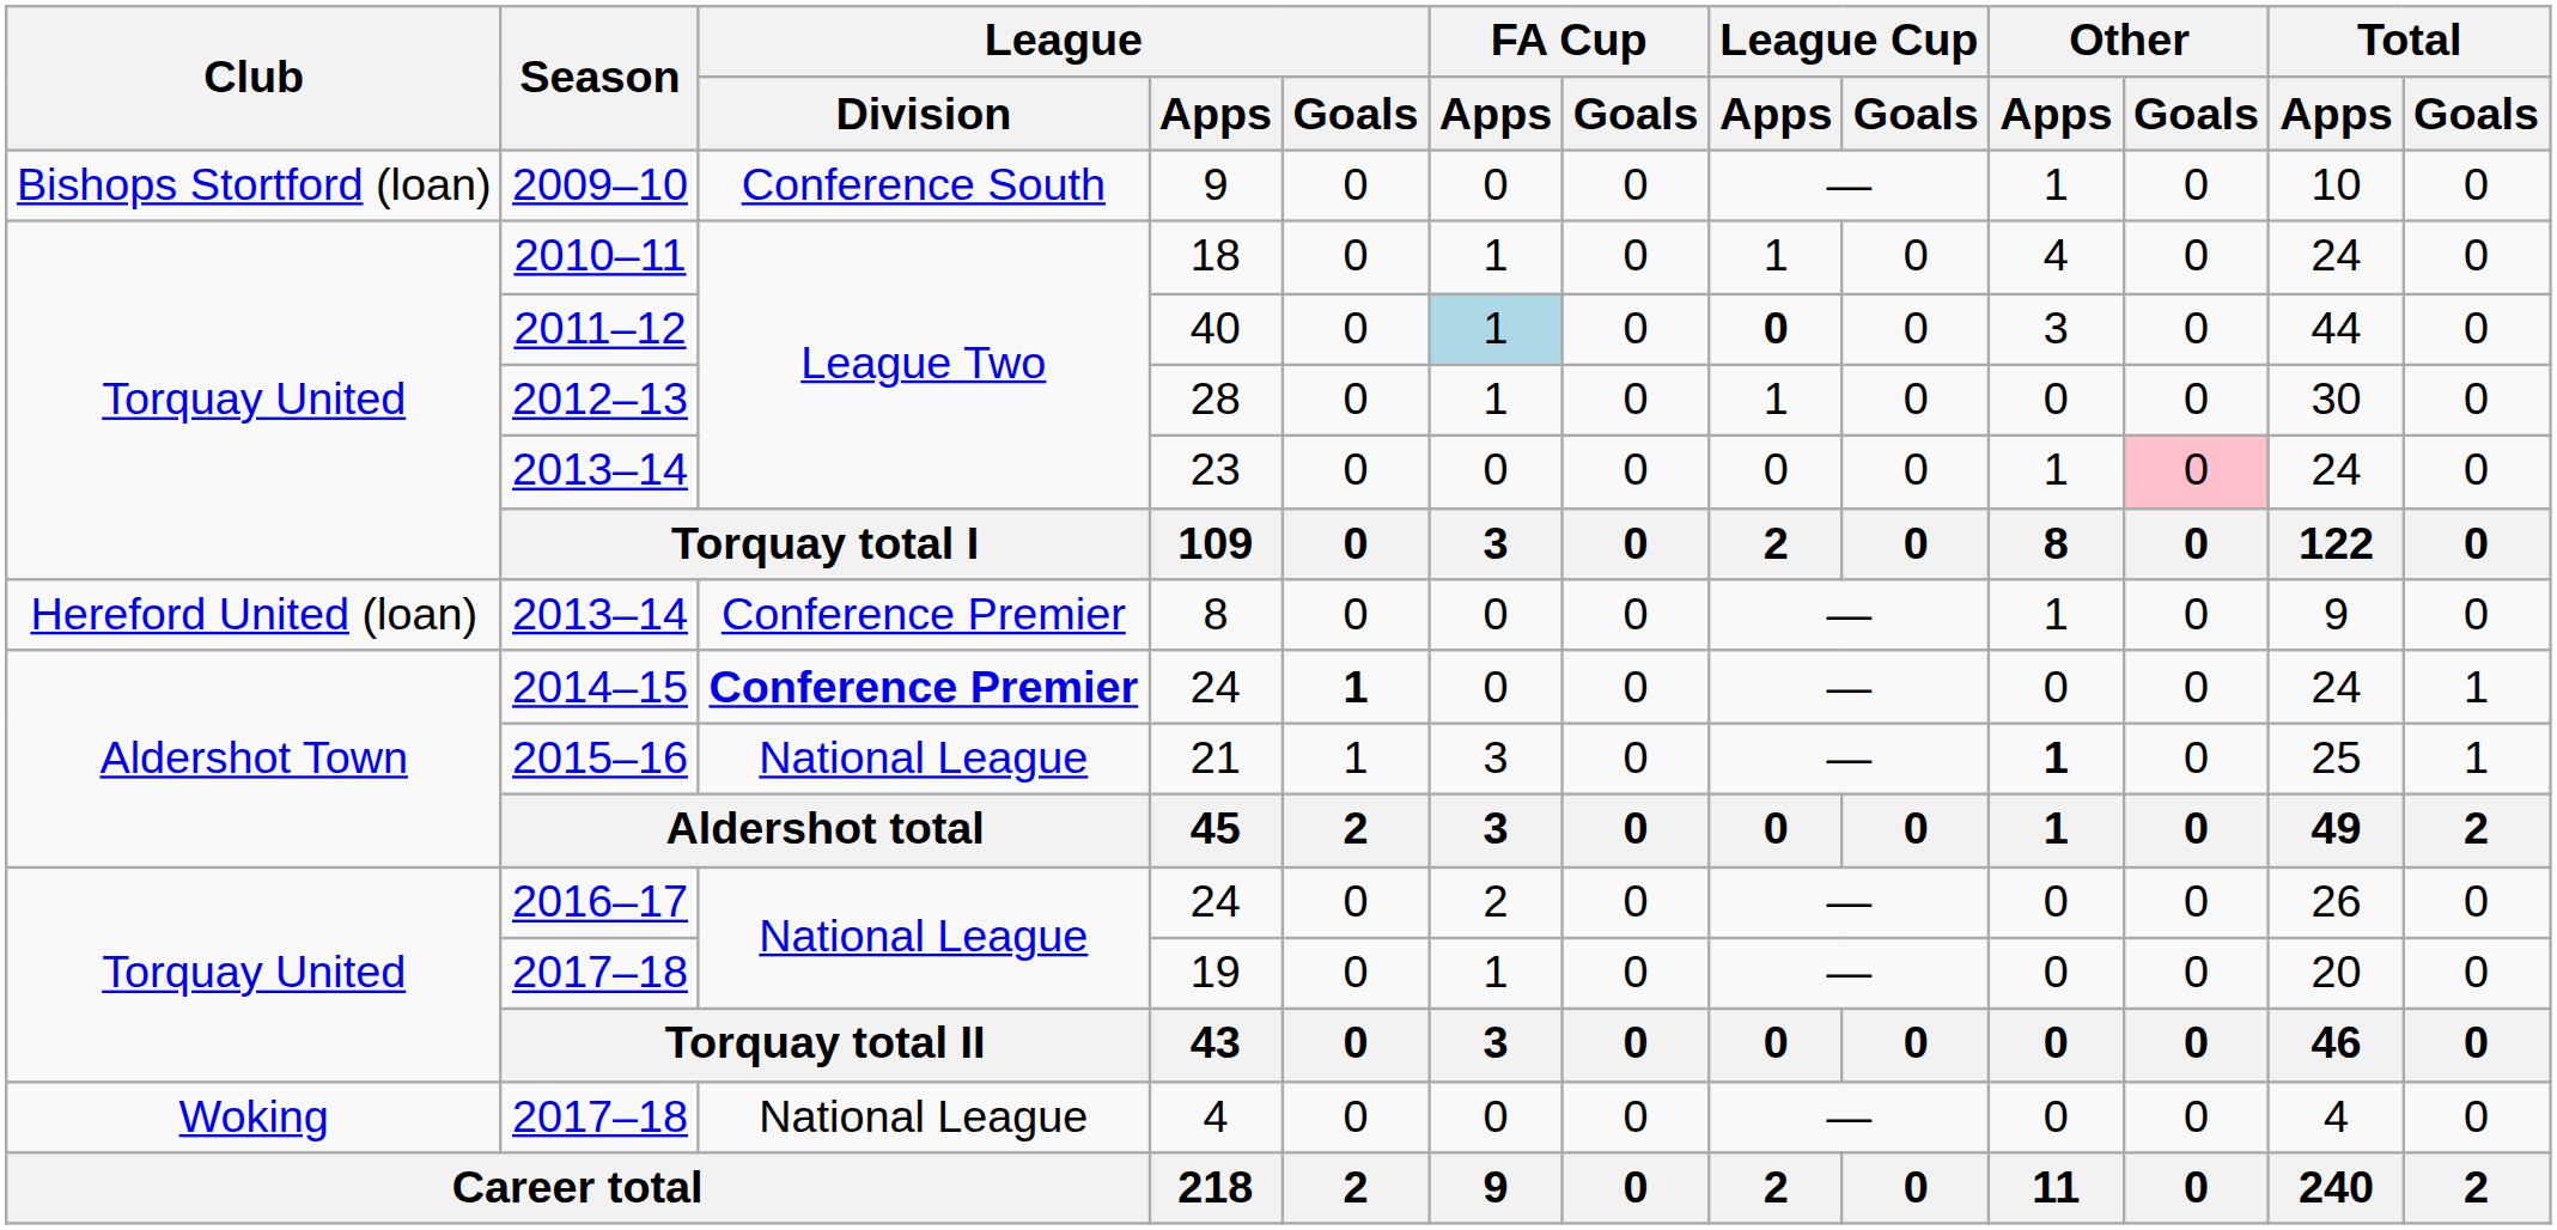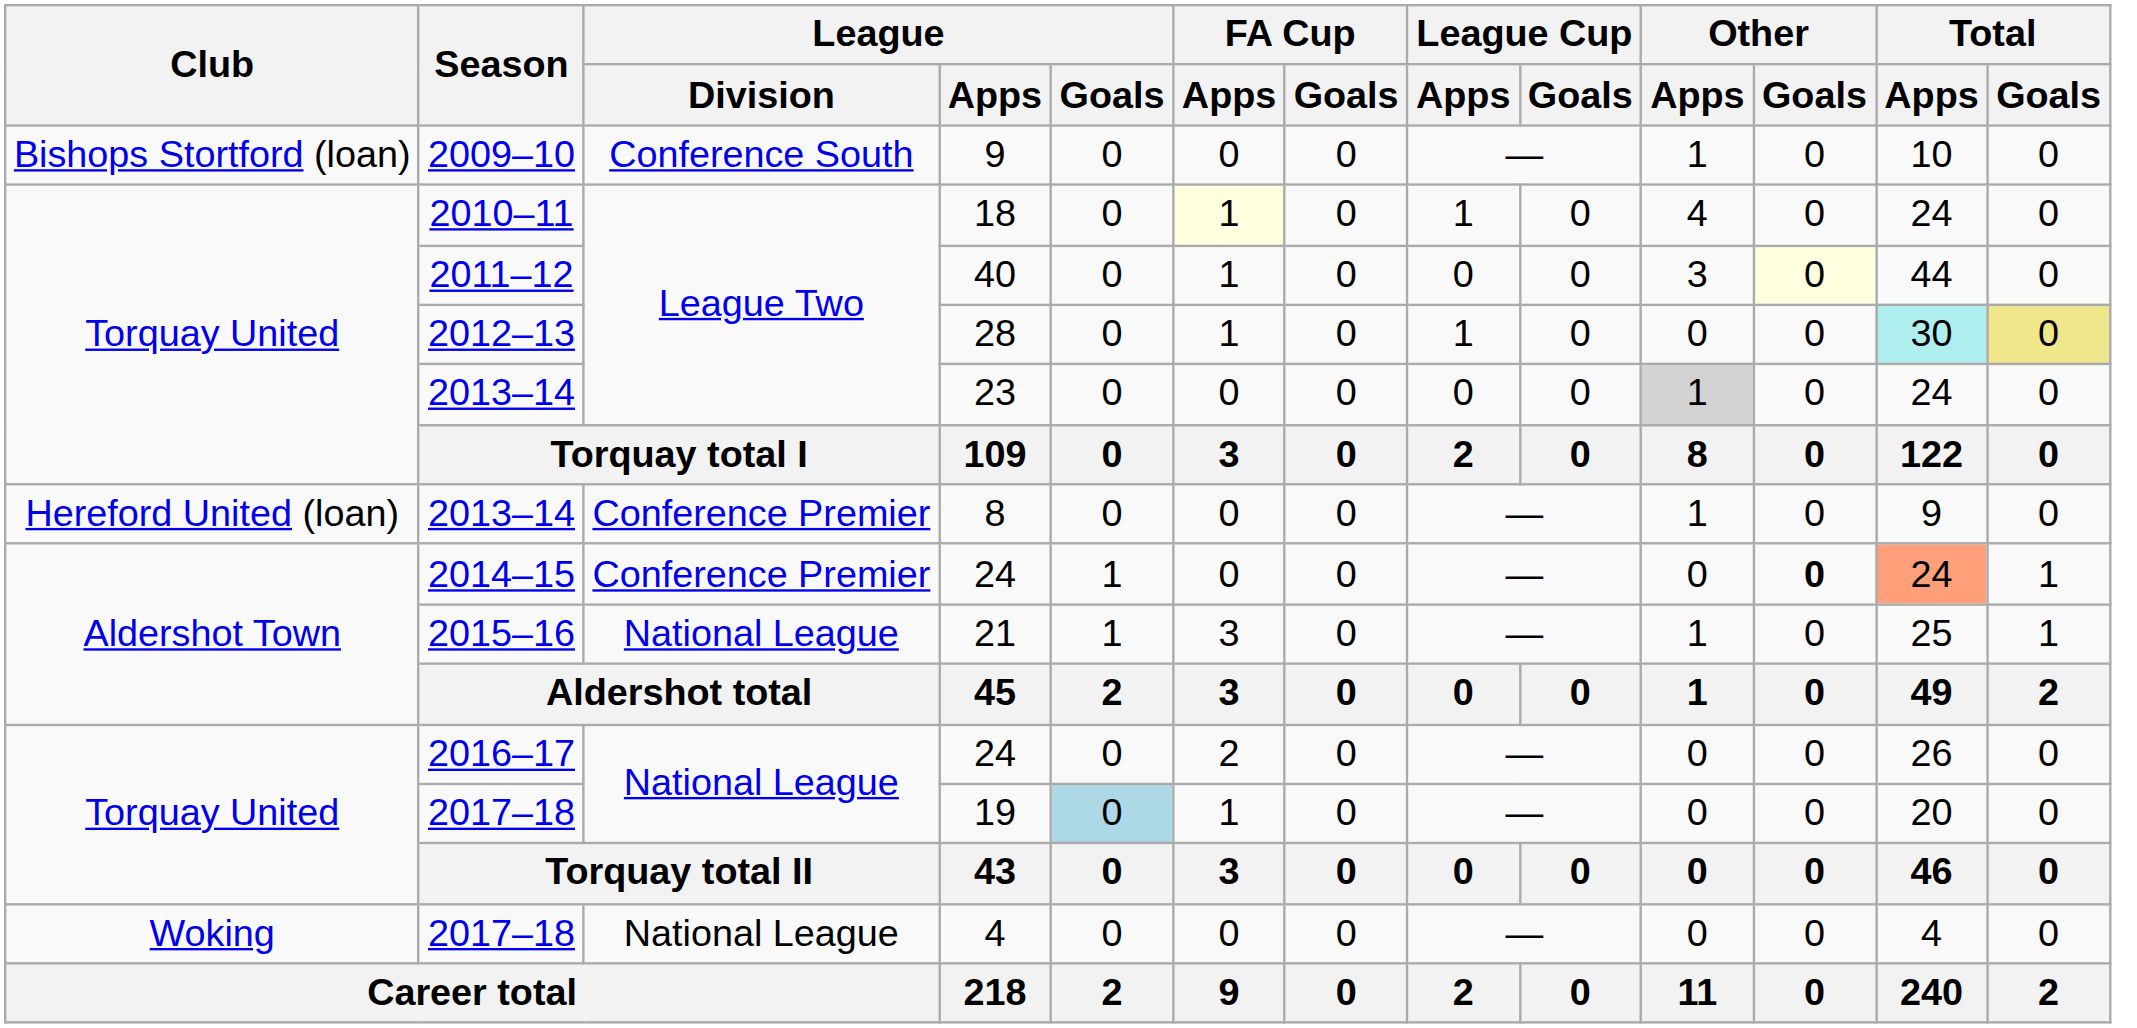 <table class="wikitable" style="text-align: center">
 <tr>
 <th rowspan="2">Club</th>
 <th rowspan="2">Season</th>
 <th colspan="3">League</th>
 <th colspan="2">FA Cup</th>
 <th colspan="2">League Cup</th>
 <th colspan="2">Other</th>
 <th colspan="2">Total</th>
 </tr>
 <tr>
 <th>Division</th>
 <th>Apps</th>
 <th>Goals</th>
 <th>Apps</th>
 <th>Goals</th>
 <th>Apps</th>
 <th>Goals</th>
 <th>Apps</th>
 <th>Goals</th>
 <th>Apps</th>
 <th>Goals</th>
 </tr>
 <tr>
 <td><a href='#'>Bishops Stortford</a> (loan)</td>
 <td><a href='#'>2009–10</a></td>
 <td><a href='#'>Conference South</a></td>
 <td>9</td>
 <td>0</td>
 <td>0</td>
 <td>0</td>
 <td colspan="2">—</td>
 <td>1</td>
 <td>0</td>
 <td>10</td>
 <td>0</td>
 </tr>
 <tr>
 <td rowspan="5"><a href='#'>Torquay United</a></td>
 <td><a href='#'>2010–11</a></td>
 <td rowspan="4"><a href='#'>League Two</a></td>
 <td>18</td>
 <td>0</td>
-<td>1</td>
+<td style="background: lightyellow;">1</td>
 <td>0</td>
 <td>1</td>
 <td>0</td>
 <td>4</td>
 <td>0</td>
 <td>24</td>
 <td>0</td>
 </tr>
 <tr>
 <td><a href='#'>2011–12</a></td>
 <td>40</td>
 <td>0</td>
-<td style="background: lightblue;">1</td>
+<td>1</td>
 <td>0</td>
-<td><strong>0</strong></td>
+<td>0</td>
 <td>0</td>
 <td>3</td>
-<td>0</td>
+<td style="background: lightyellow;">0</td>
 <td>44</td>
 <td>0</td>
 </tr>
 <tr>
 <td><a href='#'>2012–13</a></td>
 <td>28</td>
 <td>0</td>
 <td>1</td>
 <td>0</td>
 <td>1</td>
 <td>0</td>
 <td>0</td>
 <td>0</td>
-<td>30</td>
-<td>0</td>
+<td style="background: paleturquoise;">30</td>
+<td style="background: khaki;">0</td>
 </tr>
 <tr>
 <td><a href='#'>2013–14</a></td>
 <td>23</td>
 <td>0</td>
 <td>0</td>
 <td>0</td>
 <td>0</td>
 <td>0</td>
-<td>1</td>
-<td style="background: pink;">0</td>
+<td style="background: lightgrey;">1</td>
+<td>0</td>
 <td>24</td>
 <td>0</td>
 </tr>
 <tr>
 <th colspan="2">Torquay total I</th>
 <th>109</th>
 <th>0</th>
 <th>3</th>
 <th>0</th>
 <th>2</th>
 <th>0</th>
 <th>8</th>
 <th>0</th>
 <th>122</th>
 <th>0</th>
 </tr>
 <tr>
 <td><a href='#'>Hereford United</a> (loan)</td>
 <td><a href='#'>2013–14</a></td>
 <td><a href='#'>Conference Premier</a></td>
 <td>8</td>
 <td>0</td>
 <td>0</td>
 <td>0</td>
 <td colspan="2">—</td>
 <td>1</td>
 <td>0</td>
 <td>9</td>
 <td>0</td>
 </tr>
 <tr>
 <td rowspan="3"><a href='#'>Aldershot Town</a></td>
 <td><a href='#'>2014–15</a></td>
-<td><strong><a href='#'>Conference Premier</a></strong></td>
+<td><a href='#'>Conference Premier</a></td>
 <td>24</td>
-<td><strong>1</strong></td>
+<td>1</td>
 <td>0</td>
 <td>0</td>
 <td colspan="2">—</td>
 <td>0</td>
-<td>0</td>
-<td>24</td>
+<td><strong>0</strong></td>
+<td style="background: lightsalmon;">24</td>
 <td>1</td>
 </tr>
 <tr>
 <td><a href='#'>2015–16</a></td>
 <td><a href='#'>National League</a></td>
 <td>21</td>
 <td>1</td>
 <td>3</td>
 <td>0</td>
 <td colspan="2">—</td>
-<td><strong>1</strong></td>
+<td>1</td>
 <td>0</td>
 <td>25</td>
 <td>1</td>
 </tr>
 <tr>
 <th colspan="2">Aldershot total</th>
 <th>45</th>
 <th>2</th>
 <th>3</th>
 <th>0</th>
 <th>0</th>
 <th>0</th>
 <th>1</th>
 <th>0</th>
 <th>49</th>
 <th>2</th>
 </tr>
 <tr>
 <td rowspan="3"><a href='#'>Torquay United</a></td>
 <td><a href='#'>2016–17</a></td>
 <td rowspan="2"><a href='#'>National League</a></td>
 <td>24</td>
 <td>0</td>
 <td>2</td>
 <td>0</td>
 <td colspan="2">—</td>
 <td>0</td>
 <td>0</td>
 <td>26</td>
 <td>0</td>
 </tr>
 <tr>
 <td><a href='#'>2017–18</a></td>
 <td>19</td>
-<td>0</td>
+<td style="background: lightblue;">0</td>
 <td>1</td>
 <td>0</td>
 <td colspan="2">—</td>
 <td>0</td>
 <td>0</td>
 <td>20</td>
 <td>0</td>
 </tr>
 <tr>
 <th colspan="2">Torquay total II</th>
 <th>43</th>
 <th>0</th>
 <th>3</th>
 <th>0</th>
 <th>0</th>
 <th>0</th>
 <th>0</th>
 <th>0</th>
 <th>46</th>
 <th>0</th>
 </tr>
 <tr>
 <td rowspan="1"><a href='#'>Woking</a></td>
 <td><a href='#'>2017–18</a></td>
 <td>National League</td>
 <td>4</td>
 <td>0</td>
 <td>0</td>
 <td>0</td>
 <td colspan="2">—</td>
 <td>0</td>
 <td>0</td>
 <td>4</td>
 <td>0</td>
 </tr>
 <tr>
 <th colspan="3">Career total</th>
 <th>218</th>
 <th>2</th>
 <th>9</th>
 <th>0</th>
 <th>2</th>
 <th>0</th>
 <th>11</th>
 <th>0</th>
 <th>240</th>
 <th>2</th>
 </tr>
 </table>
